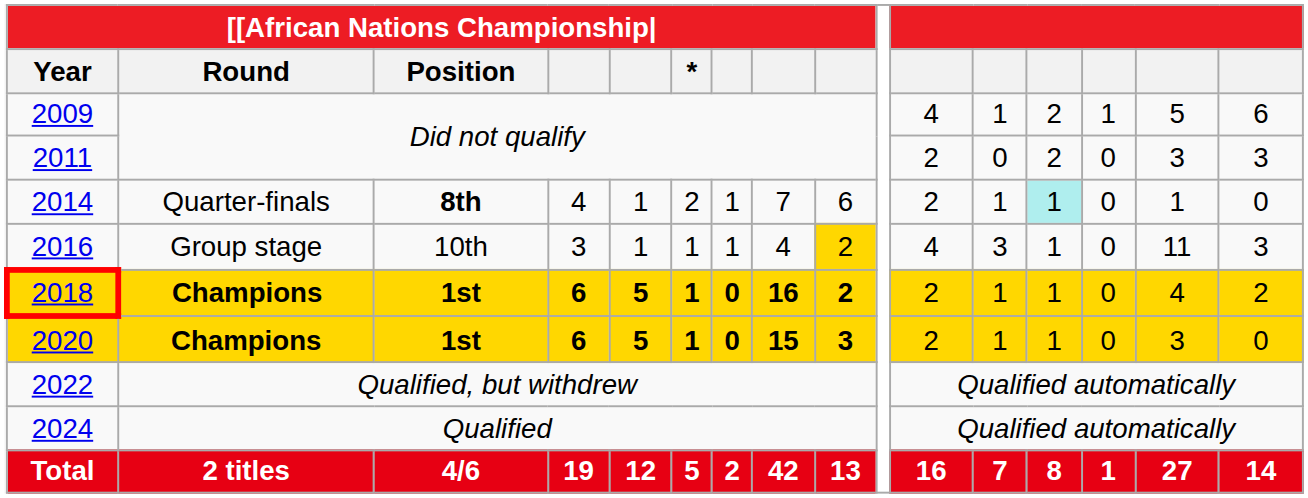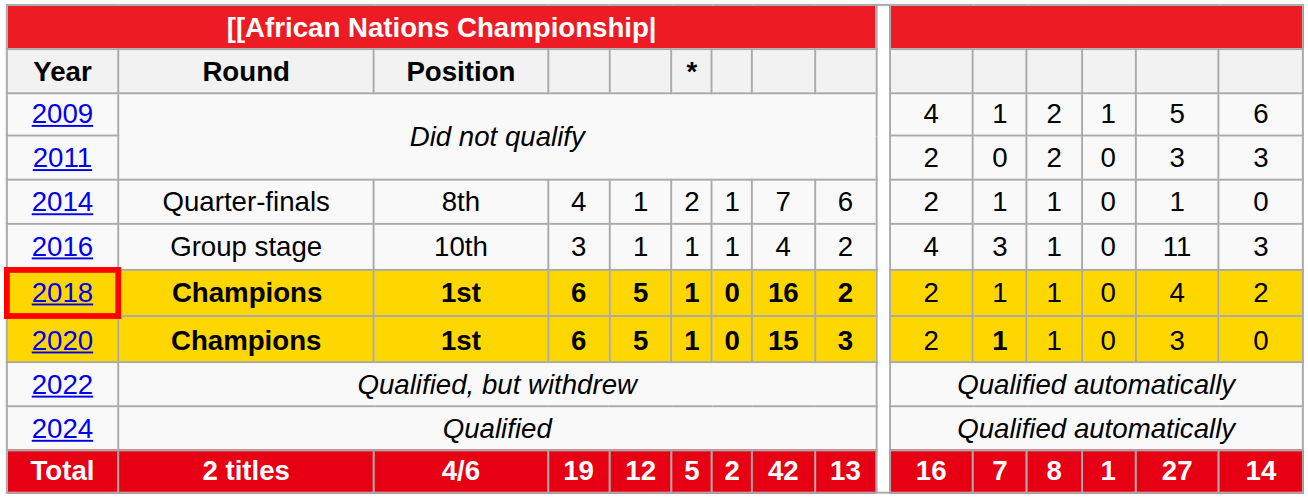 <table class="wikitable" style="font-size:90%; text-align:center">
 <tr>
 <th colspan="9" style="background:#ED1C24; color:white; ">[[African Nations Championship|</th>
 <th style="width:1%;background:white" rowspan="11"></th>
 <th colspan="6" style="background:#ED1C24; color:white; "></th>
 </tr>
 <tr>
 <th>Year</th>
 <th>Round</th>
 <th>Position</th>
 <th></th>
 <th></th>
 <th>*</th>
 <th></th>
 <th></th>
 <th></th>
 <th></th>
 <th></th>
 <th></th>
 <th></th>
 <th></th>
 <th></th>
 </tr>
 <tr>
 <td> <a href='#'>2009</a></td>
 <td colspan=8 rowspan=2><em>Did not qualify</em></td>
 <td>4</td>
 <td>1</td>
 <td>2</td>
 <td>1</td>
 <td>5</td>
 <td>6</td>
 </tr>
 <tr>
 <td> <a href='#'>2011</a></td>
 <td>2</td>
 <td>0</td>
 <td>2</td>
 <td>0</td>
 <td>3</td>
 <td>3</td>
 </tr>
 <tr>
 <td> <a href='#'>2014</a></td>
 <td>Quarter-finals</td>
-<td><strong>8th</strong></td>
+<td>8th</td>
 <td>4</td>
 <td>1</td>
 <td>2</td>
 <td>1</td>
 <td>7</td>
 <td>6</td>
 <td>2</td>
 <td>1</td>
-<td style="background: paleturquoise;">1</td>
+<td>1</td>
 <td>0</td>
 <td>1</td>
 <td>0</td>
 </tr>
 <tr>
 <td> <a href='#'>2016</a></td>
 <td>Group stage</td>
 <td>10th</td>
 <td>3</td>
 <td>1</td>
 <td>1</td>
 <td>1</td>
 <td>4</td>
-<td style="background: gold;">2</td>
+<td>2</td>
 <td>4</td>
 <td>3</td>
 <td>1</td>
 <td>0</td>
 <td>11</td>
 <td>3</td>
 </tr>
 <tr bgcolor="gold">
 <td style="border: 3px solid red"> <a href='#'>2018</a></td>
 <td><strong>Champions</strong></td>
 <td><strong>1st</strong></td>
 <td><strong>6</strong></td>
 <td><strong>5</strong></td>
 <td><strong>1</strong></td>
 <td><strong>0</strong></td>
 <td><strong>16</strong></td>
 <td><strong>2</strong></td>
 <td>2</td>
 <td>1</td>
 <td>1</td>
 <td>0</td>
 <td>4</td>
 <td>2</td>
 </tr>
 <tr bgcolor="gold">
 <td> <a href='#'>2020</a></td>
 <td><strong>Champions</strong></td>
 <td><strong>1st</strong></td>
 <td><strong>6</strong></td>
 <td><strong>5</strong></td>
 <td><strong>1</strong></td>
 <td><strong>0</strong></td>
 <td><strong>15</strong></td>
 <td><strong>3</strong></td>
 <td>2</td>
-<td>1</td>
+<td><strong>1</strong></td>
 <td>1</td>
 <td>0</td>
 <td>3</td>
 <td>0</td>
 </tr>
 <tr>
 <td> <a href='#'>2022</a></td>
 <td colspan=8><em>Qualified, but withdrew</em></td>
 <td colspan=6><em>Qualified automatically</em></td>
 </tr>
 <tr>
 <td>   <a href='#'>2024</a></td>
 <td colspan=8><em>Qualified</em></td>
 <td colspan=6><em>Qualified automatically</em></td>
 </tr>
 <tr>
 <th style="background:#E70013; color:white;">Total</th>
 <th style="background:#E70013; color:white;">2 titles</th>
 <th style="background:#E70013; color:white;">4/6</th>
 <th style="background:#E70013; color:white;">19</th>
 <th style="background:#E70013; color:white;">12</th>
 <th style="background:#E70013; color:white;">5</th>
 <th style="background:#E70013; color:white;">2</th>
 <th style="background:#E70013; color:white;">42</th>
 <th style="background:#E70013; color:white;">13</th>
 <th style="background:#E70013; color:white;">16</th>
 <th style="background:#E70013; color:white;">7</th>
 <th style="background:#E70013; color:white;">8</th>
 <th style="background:#E70013; color:white;">1</th>
 <th style="background:#E70013; color:white;">27</th>
 <th style="background:#E70013; color:white;">14</th>
 </tr>
 </table>
